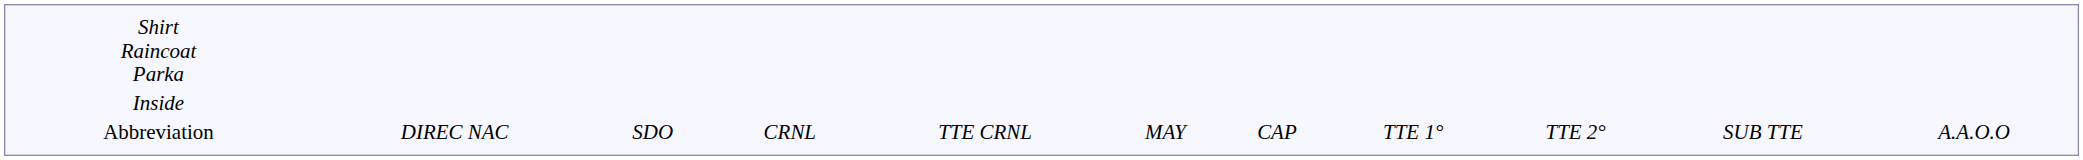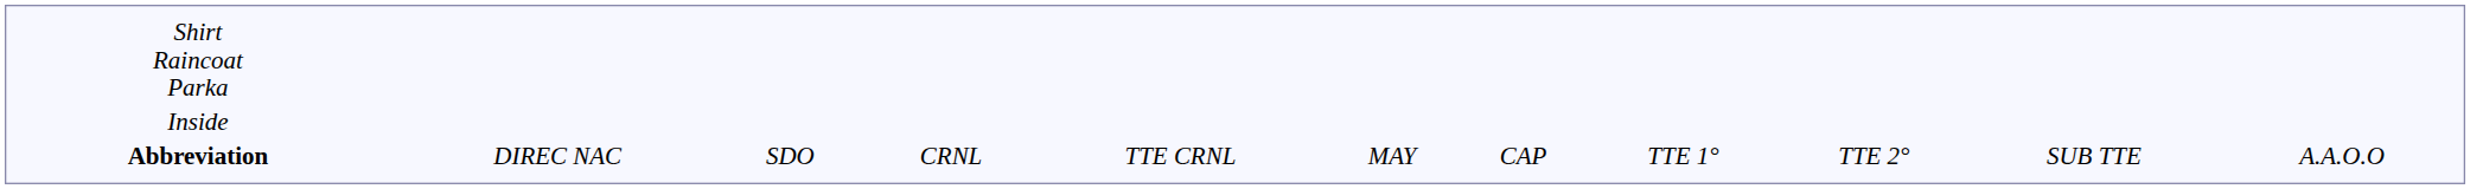 <table style="border:1px solid #8888aa; background-color:#f7f8ff; padding:5px; font-size:100%; margin: 0px 12px 12px 0px;width:100%">
 <tr align=center>
 <td><em>Shirt<br>Raincoat<br>Parka</em></td>
 <td colspan=2 rowspan=5></td>
 <td colspan=2></td>
 <td colspan=2></td>
 <td colspan=4 rowspan=5></td>
 <td colspan=2></td>
 <td colspan=2></td>
 <td colspan=2></td>
 <td colspan=2></td>
 <td colspan=1></td>
 <td colspan=1></td>
 <td colspan=2></td>
 <td colspan=2 rowspan=3></td>
 <td colspan=12></td>
 </tr>
 <tr align=center>
 <td><em>Inside</em></td>
 <td colspan=2></td>
 <td colspan=2></td>
 <td colspan=2></td>
 <td colspan=2></td>
 <td colspan=2></td>
 <td colspan=2></td>
 <td colspan=1></td>
 <td colspan=1></td>
 <td colspan=2></td>
 <td colspan=12></td>
 </tr>
 <tr align="center">
-<td>Abbreviation</td>
+<td><strong>Abbreviation</strong></td>
 <td colspan=2><em>DIREC NAC</em></td>
 <td colspan=2><em>SDO</em></td>
 <td colspan=2><em>CRNL</em></td>
 <td colspan=2><em>TTE CRNL</em></td>
 <td colspan=2><em>MAY</em></td>
 <td colspan=2><em>CAP</em></td>
 <td colspan=1><em>TTE 1°</em></td>
 <td colspan=1><em>TTE 2°</em></td>
 <td colspan=2><em>SUB TTE</em></td>
 <td colspan=12><em>A.A.O.O</em></td>
 </tr>
 </table>
